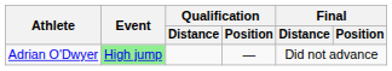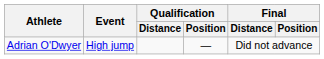 <table class=wikitable style="font-size:90%">
 <tr>
 <th rowspan="2">Athlete</th>
 <th rowspan="2">Event</th>
 <th colspan="2">Qualification</th>
 <th colspan="2">Final</th>
 </tr>
 <tr style="font-size:95%">
 <th>Distance</th>
 <th>Position</th>
 <th>Distance</th>
 <th>Position</th>
 </tr>
 <tr align=center>
 <td align=left><a href='#'>Adrian O'Dwyer</a></td>
-<td align=left style="background: lightgreen;"><a href='#'>High jump</a></td>
+<td align=left><a href='#'>High jump</a></td>
 <td></td>
 <td>—</td>
 <td colspan=2>Did not advance</td>
 </tr>
 </table>
